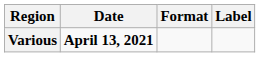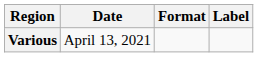 <table class="wikitable plainrowheaders">
 <tr>
 <th>Region</th>
 <th>Date</th>
 <th>Format</th>
 <th>Label</th>
 </tr>
 <tr>
 <th scope="row">Various</th>
-<td><strong>April 13, 2021</strong></td>
+<td>April 13, 2021</td>
 <td></td>
 <td rowspan="2"></td>
 </tr>
 </table>
